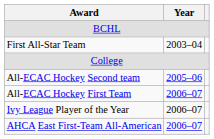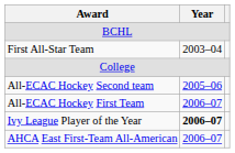 <table class="wikitable">
 <tr>
 <th>Award</th>
 <th>Year</th>
 <th></th>
 </tr>
 <tr ALIGN="center" bgcolor="#e0e0e0">
 <td colspan="3"><a href='#'>BCHL</a></td>
 </tr>
 <tr>
 <td>First All-Star Team</td>
 <td>2003–04</td>
 <td></td>
 </tr>
 <tr ALIGN="center" bgcolor="#e0e0e0">
 <td colspan="3"><a href='#'>College</a></td>
 </tr>
 <tr>
 <td>All-<a href='#'>ECAC Hockey</a> <a href='#'>Second team</a></td>
 <td><a href='#'>2005–06</a></td>
 <td></td>
 </tr>
 <tr>
 <td>All-<a href='#'>ECAC Hockey</a> <a href='#'>First Team</a></td>
 <td><a href='#'>2006–07</a></td>
 <td></td>
 </tr>
 <tr>
 <td><a href='#'>Ivy League</a> Player of the Year</td>
-<td>2006–07</td>
+<td><strong>2006–07</strong></td>
 <td></td>
 </tr>
 <tr>
 <td><a href='#'>AHCA</a> <a href='#'>East First-Team All-American</a></td>
 <td><a href='#'>2006–07</a></td>
 <td></td>
 </tr>
 </table>
